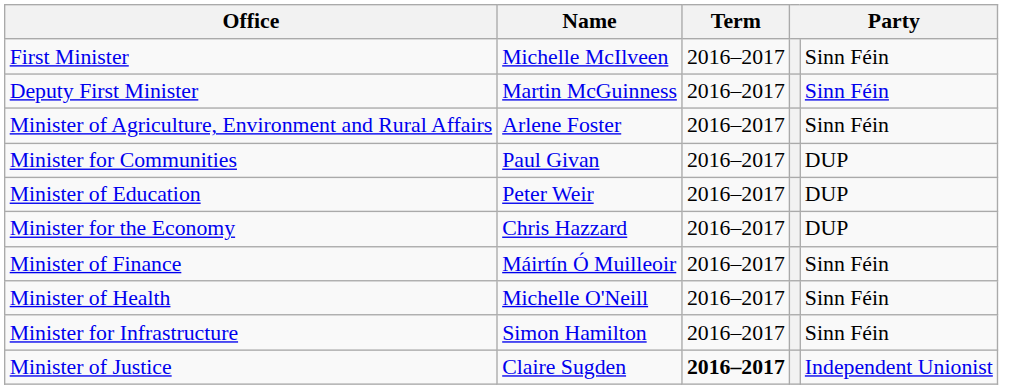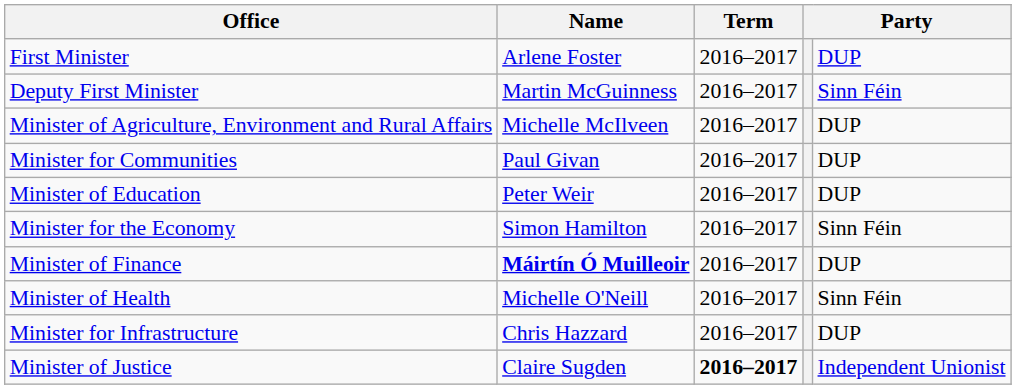 <table class="wikitable">
 <tr>
 <th>Office</th>
 <th>Name</th>
 <th>Term</th>
 <th colspan="2">Party</th>
 </tr>
 <tr>
 <td><a href='#'>First Minister</a></td>
-<td><a href='#'>Michelle McIlveen</a></td>
+<td><a href='#'>Arlene Foster</a></td>
 <td>2016–2017</td>
 <th style="background-color: "></th>
-<td>Sinn Féin</td>
+<td><a href='#'>DUP</a></td>
 </tr>
 <tr>
 <td><a href='#'>Deputy First Minister</a></td>
 <td><a href='#'>Martin McGuinness</a></td>
 <td>2016–2017</td>
 <th style="background-color: "></th>
 <td><a href='#'>Sinn Féin</a></td>
 </tr>
 <tr>
 <td><a href='#'>Minister of Agriculture, Environment and Rural Affairs</a></td>
-<td><a href='#'>Arlene Foster</a></td>
+<td><a href='#'>Michelle McIlveen</a></td>
 <td>2016–2017</td>
 <th style="background-color: "></th>
-<td>Sinn Féin</td>
+<td>DUP</td>
 </tr>
 <tr>
 <td><a href='#'>Minister for Communities</a></td>
 <td><a href='#'>Paul Givan</a></td>
 <td>2016–2017</td>
 <th style="background-color: "></th>
 <td>DUP</td>
 </tr>
 <tr>
 <td><a href='#'>Minister of Education</a></td>
 <td><a href='#'>Peter Weir</a></td>
 <td>2016–2017</td>
 <th style="background-color: "></th>
 <td>DUP</td>
 </tr>
 <tr>
 <td><a href='#'>Minister for the Economy</a></td>
-<td><a href='#'>Chris Hazzard</a></td>
+<td><a href='#'>Simon Hamilton</a></td>
+<td>2016–2017</td>
+<th style="background-color: "></th>
+<td>Sinn Féin</td>
+</tr>
+<tr>
+<td><a href='#'>Minister of Finance</a></td>
+<td><strong><a href='#'>Máirtín Ó Muilleoir</a></strong></td>
 <td>2016–2017</td>
 <th style="background-color: "></th>
 <td>DUP</td>
-</tr>
-<tr>
-<td><a href='#'>Minister of Finance</a></td>
-<td><a href='#'>Máirtín Ó Muilleoir</a></td>
-<td>2016–2017</td>
-<th style="background-color: "></th>
-<td>Sinn Féin</td>
 </tr>
 <tr>
 <td><a href='#'>Minister of Health</a></td>
 <td><a href='#'>Michelle O'Neill</a></td>
 <td>2016–2017</td>
 <th style="background-color: "></th>
 <td>Sinn Féin</td>
 </tr>
 <tr>
 <td><a href='#'>Minister for Infrastructure</a></td>
-<td><a href='#'>Simon Hamilton</a></td>
+<td><a href='#'>Chris Hazzard</a></td>
 <td>2016–2017</td>
 <th style="background-color: "></th>
-<td>Sinn Féin</td>
+<td>DUP</td>
 </tr>
 <tr>
 <td><a href='#'>Minister of Justice</a></td>
 <td><a href='#'>Claire Sugden</a></td>
 <td><strong>2016–2017</strong></td>
 <th style="background-color: "></th>
 <td colspan="5"><a href='#'>Independent Unionist</a></td>
 </tr>
 </table>
